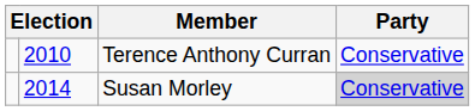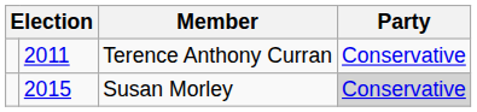 <table class="wikitable">
 <tr>
 <th colspan="2">Election</th>
 <th>Member</th>
 <th>Party</th>
 </tr>
 <tr>
 <td style="background-color: "></td>
-<td><a href='#'>2010</a></td>
+<td><a href='#'>2011</a></td>
 <td>Terence Anthony Curran</td>
 <td><a href='#'>Conservative</a></td>
 </tr>
 <tr>
 <td style="background-color: "></td>
-<td><a href='#'>2014</a></td>
+<td><a href='#'>2015</a></td>
 <td>Susan Morley</td>
 <td style="background: lightgrey;"><a href='#'>Conservative</a></td>
 </tr>
 </table>
